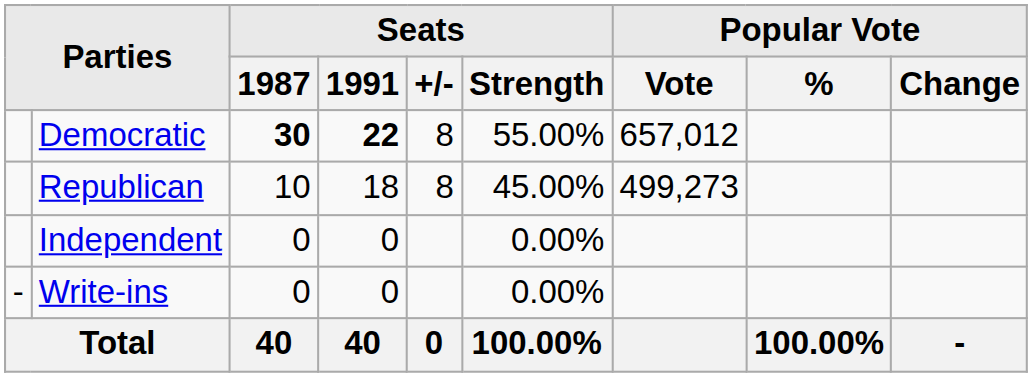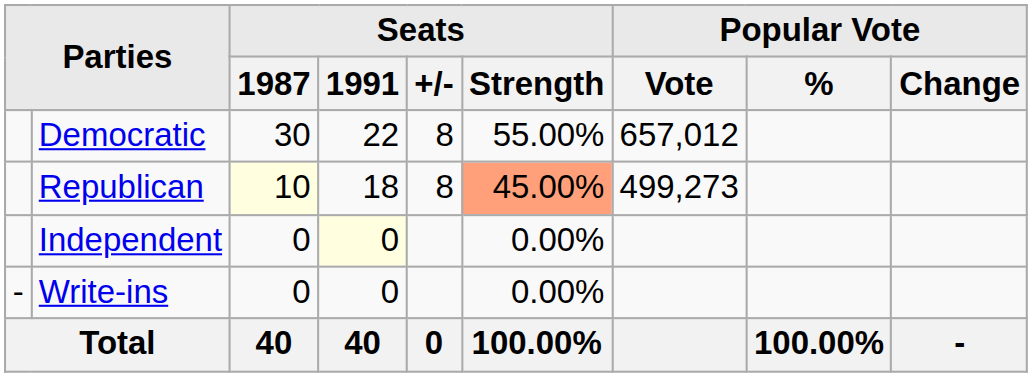 <table class=wikitable>
 <tr>
 <th style="background-color:#E9E9E9" align=center rowspan= 2 colspan=2>Parties</th>
 <th style="background-color:#E9E9E9" align=center colspan=4>Seats</th>
 <th style="background-color:#E9E9E9" align=center colspan=3>Popular Vote</th>
 </tr>
 <tr>
 <th align=center>1987</th>
 <th align=center>1991</th>
 <th align=center>+/-</th>
 <th align=center>Strength</th>
 <th align=center>Vote</th>
 <th align=center>%</th>
 <th align=center>Change</th>
 </tr>
 <tr>
 <td></td>
 <td align=left><a href='#'>Democratic</a></td>
-<td align=right ><strong>30</strong></td>
-<td align=right ><strong>22</strong></td>
+<td align=right >30</td>
+<td align=right >22</td>
 <td align=right> 8</td>
 <td align=right >55.00%</td>
 <td align=right >657,012</td>
 <td align=right ></td>
 <td align=right></td>
 </tr>
 <tr>
 <td></td>
 <td align=left><a href='#'>Republican</a></td>
-<td align=right>10</td>
+<td align=right style="background: lightyellow;">10</td>
 <td align=right>18</td>
 <td align=right> 8</td>
-<td align=right>45.00%</td>
+<td align=right style="background: lightsalmon;">45.00%</td>
 <td align=right>499,273</td>
 <td align=right></td>
 <td align=right></td>
 </tr>
 <tr>
 <td></td>
 <td><a href='#'>Independent</a></td>
 <td align=right>0</td>
-<td align=right>0</td>
+<td align=right style="background: lightyellow;">0</td>
 <td align=right></td>
 <td align=right>0.00%</td>
 <td align=right></td>
 <td align=right></td>
 <td align=right></td>
 </tr>
 <tr>
 <td>-</td>
 <td><a href='#'>Write-ins</a></td>
 <td align=right>0</td>
 <td align=right>0</td>
 <td align=right></td>
 <td align=right>0.00%</td>
 <td align=right></td>
 <td align=right></td>
 <td align=right></td>
 </tr>
 <tr>
 <th align=center colspan="2">Total</th>
 <th align=center>40</th>
 <th align=center>40</th>
 <th align=center>0</th>
 <th align=center>100.00%</th>
 <th align=center></th>
 <th align=center>100.00%</th>
 <th align=center>-</th>
 </tr>
 </table>
